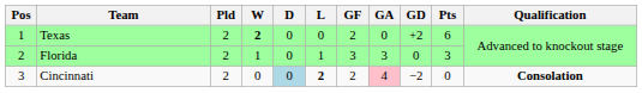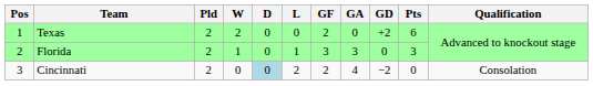 <table class="wikitable" style="text-align:center; margin: 1em auto">
 <tr>
 <th style=width:2em>Pos</th>
 <th style=width:13em>Team</th>
 <th style=width:2em>Pld</th>
 <th style=width:2em>W</th>
 <th style=width:2em>D</th>
 <th style=width:2em>L</th>
 <th style=width:2em>GF</th>
 <th style=width:2em>GA</th>
 <th style=width:2em>GD</th>
 <th style=width:2em>Pts</th>
 <th style=width:13em>Qualification</th>
 </tr>
 <tr bgcolor="#9eff9e">
 <td>1</td>
 <td style="text-align:left">Texas</td>
 <td>2</td>
-<td><strong>2</strong></td>
+<td>2</td>
 <td>0</td>
 <td>0</td>
 <td>2</td>
 <td>0</td>
 <td>+2</td>
 <td>6</td>
 <td rowspan="2">Advanced to knockout stage</td>
 </tr>
 <tr bgcolor="#9eff9e">
 <td>2</td>
 <td style="text-align:left">Florida</td>
 <td>2</td>
 <td>1</td>
 <td>0</td>
 <td>1</td>
 <td>3</td>
 <td>3</td>
 <td>0</td>
 <td>3</td>
 </tr>
 <tr>
 <td>3</td>
 <td style="text-align:left">Cincinnati</td>
 <td>2</td>
 <td>0</td>
 <td style="background: lightblue;">0</td>
-<td><strong>2</strong></td>
 <td>2</td>
-<td style="background: pink;">4</td>
+<td>2</td>
+<td>4</td>
 <td>−2</td>
 <td>0</td>
-<td><strong>Consolation</strong></td>
+<td>Consolation</td>
 </tr>
 </table>
